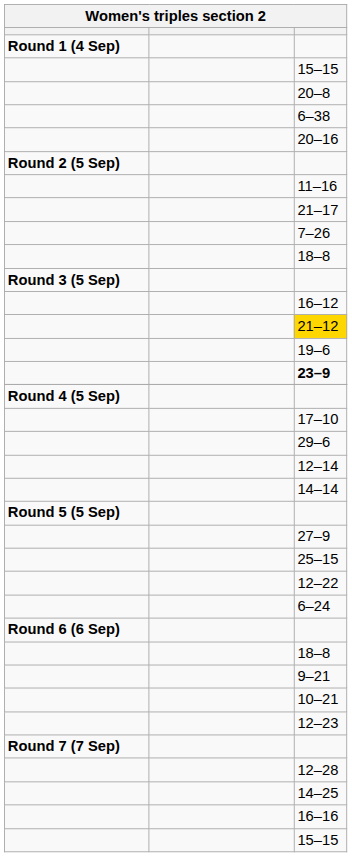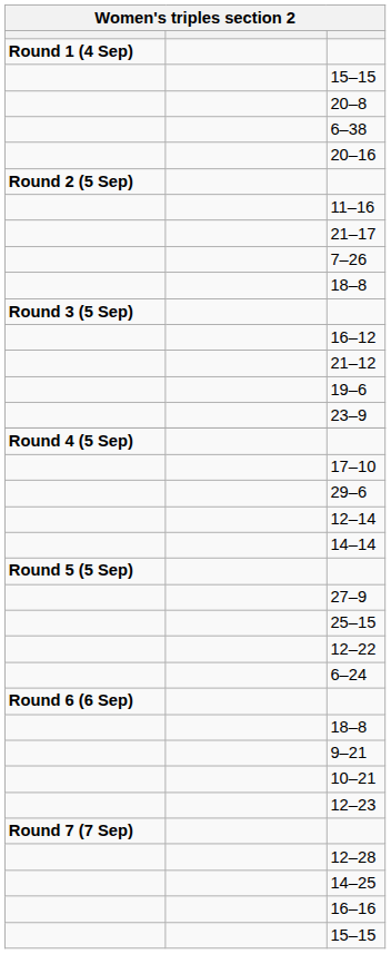 <table class="wikitable">
 <tr>
 <th colspan="3">Women's triples section 2</th>
 </tr>
 <tr>
 <th width=150></th>
 <th width=150></th>
 <th width=50></th>
 </tr>
 <tr>
 <td><strong>Round 1 (4 Sep)</strong></td>
 <td></td>
 <td></td>
 </tr>
 <tr>
 <td></td>
 <td></td>
 <td>15–15</td>
 </tr>
 <tr>
 <td></td>
 <td></td>
 <td>20–8</td>
 </tr>
 <tr>
 <td></td>
 <td></td>
 <td>6–38</td>
 </tr>
 <tr>
 <td></td>
 <td></td>
 <td>20–16</td>
 </tr>
 <tr>
 <td><strong>Round 2 (5 Sep)</strong></td>
 <td></td>
 <td></td>
 </tr>
 <tr>
 <td></td>
 <td></td>
 <td>11–16</td>
 </tr>
 <tr>
 <td></td>
 <td></td>
 <td>21–17</td>
 </tr>
 <tr>
 <td></td>
 <td></td>
 <td>7–26</td>
 </tr>
 <tr>
 <td></td>
 <td></td>
 <td>18–8</td>
 </tr>
 <tr>
 <td><strong>Round 3 (5 Sep)</strong></td>
 <td></td>
 <td></td>
 </tr>
 <tr>
 <td></td>
 <td></td>
 <td>16–12</td>
 </tr>
 <tr>
 <td></td>
 <td></td>
-<td style="background: gold;">21–12</td>
+<td>21–12</td>
 </tr>
 <tr>
 <td></td>
 <td></td>
 <td>19–6</td>
 </tr>
 <tr>
 <td></td>
 <td></td>
-<td><strong>23–9</strong></td>
+<td>23–9</td>
 </tr>
 <tr>
 </tr>
 <tr>
 <td><strong>Round 4 (5 Sep)</strong></td>
 <td></td>
 <td></td>
 </tr>
 <tr>
 <td></td>
 <td></td>
 <td>17–10</td>
 </tr>
 <tr>
 <td></td>
 <td></td>
 <td>29–6</td>
 </tr>
 <tr>
 <td></td>
 <td></td>
 <td>12–14</td>
 </tr>
 <tr>
 <td></td>
 <td></td>
 <td>14–14</td>
 </tr>
 <tr>
 <td><strong>Round 5 (5 Sep)</strong></td>
 <td></td>
 <td></td>
 </tr>
 <tr>
 <td></td>
 <td></td>
 <td>27–9</td>
 </tr>
 <tr>
 <td></td>
 <td></td>
 <td>25–15</td>
 </tr>
 <tr>
 <td></td>
 <td></td>
 <td>12–22</td>
 </tr>
 <tr>
 <td></td>
 <td></td>
 <td>6–24</td>
 </tr>
 <tr>
 <td><strong>Round 6  (6 Sep)</strong></td>
 <td></td>
 <td></td>
 </tr>
 <tr>
 <td></td>
 <td></td>
 <td>18–8</td>
 </tr>
 <tr>
 <td></td>
 <td></td>
 <td>9–21</td>
 </tr>
 <tr>
 <td></td>
 <td></td>
 <td>10–21</td>
 </tr>
 <tr>
 <td></td>
 <td></td>
 <td>12–23</td>
 </tr>
 <tr>
 <td><strong>Round 7 (7 Sep)</strong></td>
 <td></td>
 <td></td>
 </tr>
 <tr>
 <td></td>
 <td></td>
 <td>12–28</td>
 </tr>
 <tr>
 <td></td>
 <td></td>
 <td>14–25</td>
 </tr>
 <tr>
 <td></td>
 <td></td>
 <td>16–16</td>
 </tr>
 <tr>
 <td></td>
 <td></td>
 <td>15–15</td>
 </tr>
 </table>
